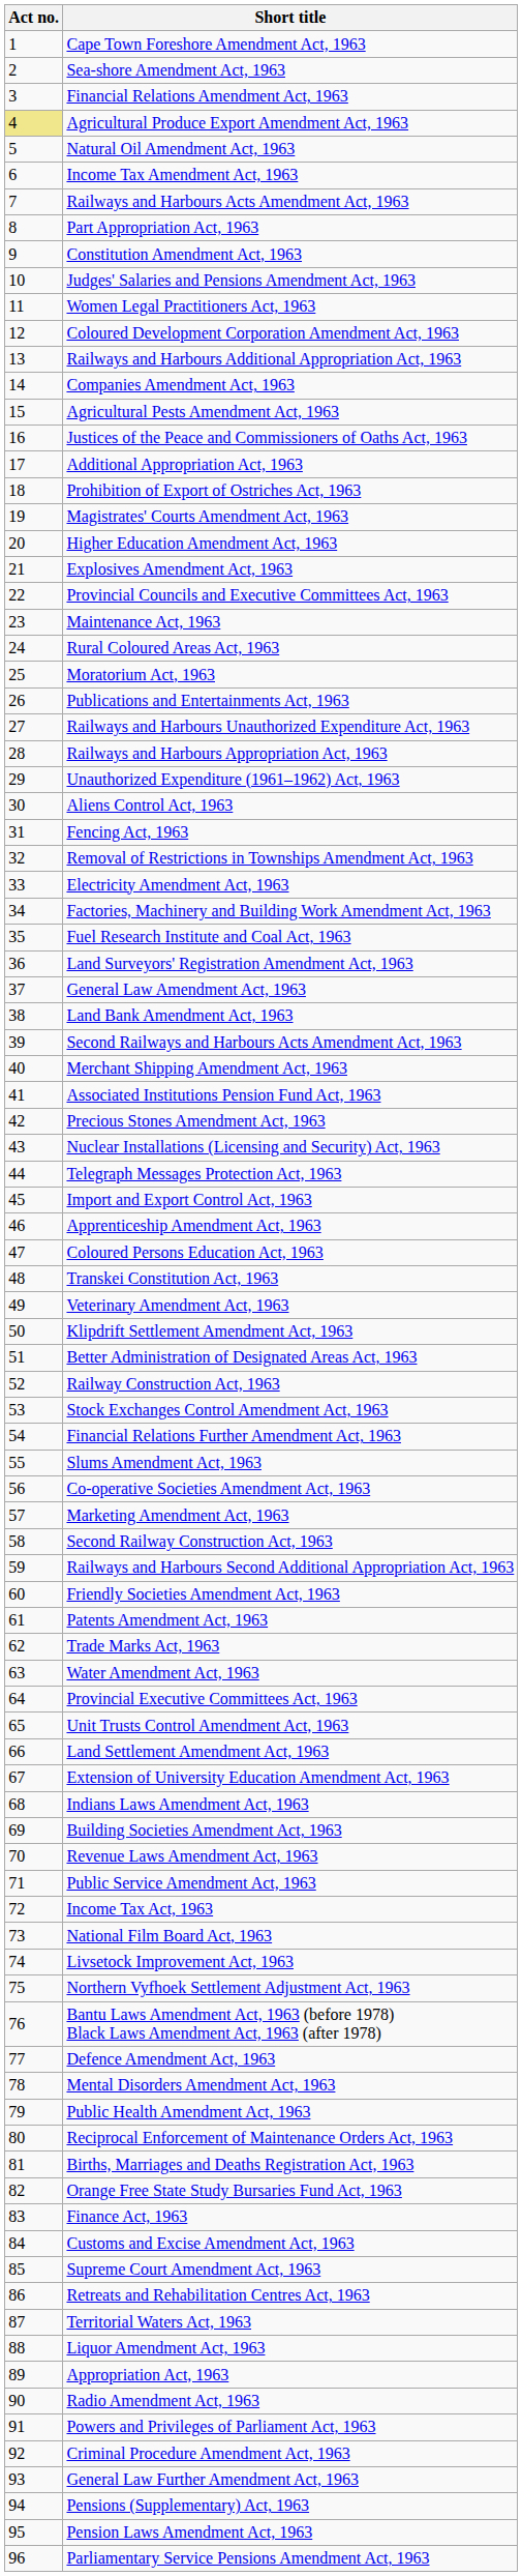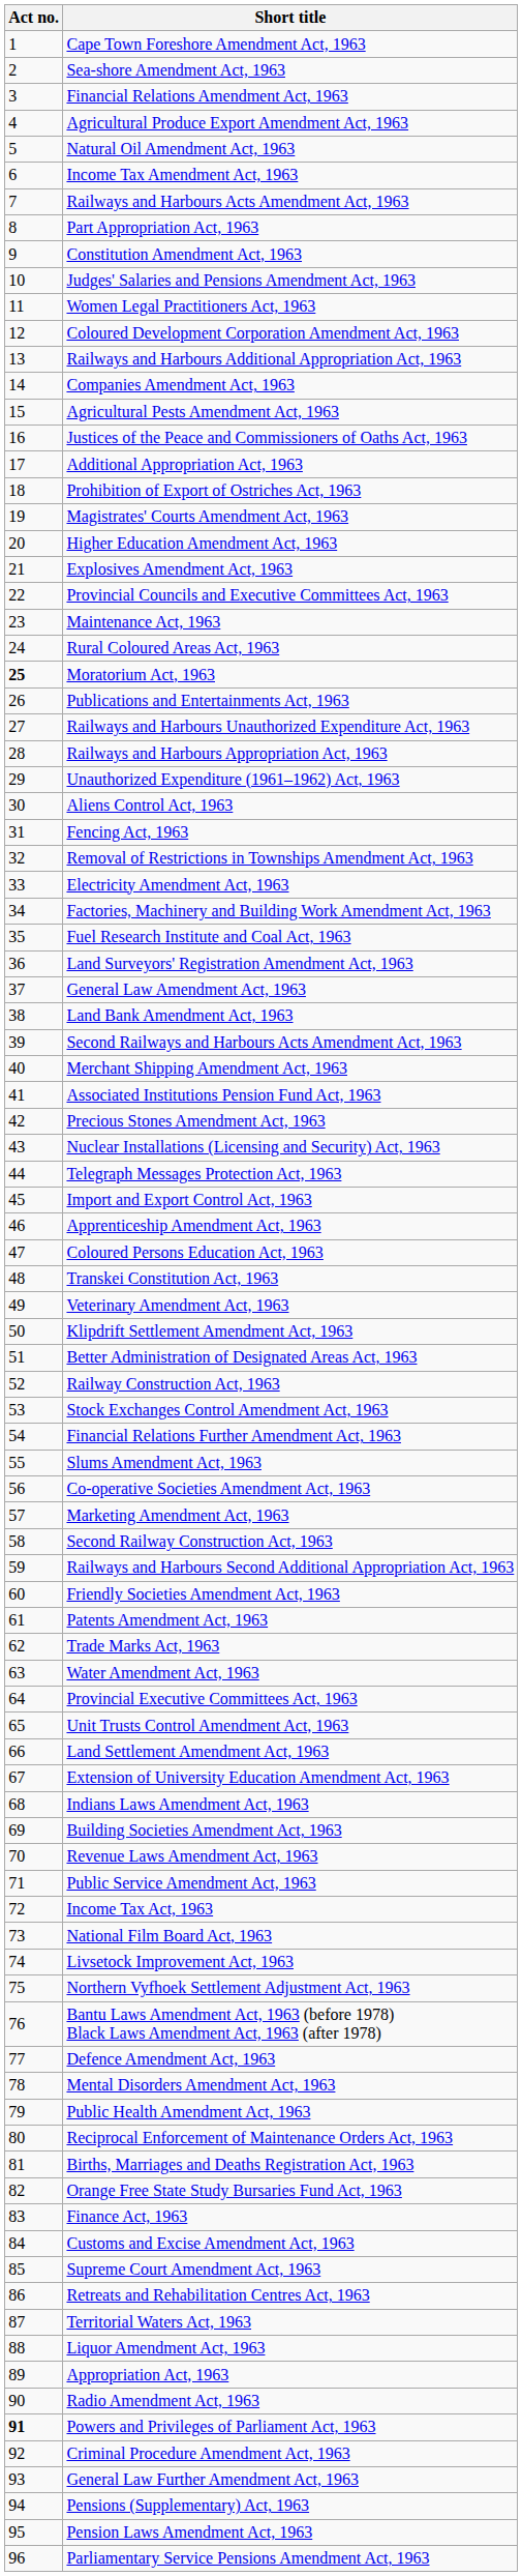 <table class="wikitable sortable">
 <tr>
 <th>Act no.</th>
 <th>Short title</th>
 </tr>
 <tr>
 <td>1</td>
 <td><a href='#'>Cape Town Foreshore Amendment Act, 1963</a></td>
 </tr>
 <tr>
 <td>2</td>
 <td><a href='#'>Sea-shore Amendment Act, 1963</a></td>
 </tr>
 <tr>
 <td>3</td>
 <td><a href='#'>Financial Relations Amendment Act, 1963</a></td>
 </tr>
 <tr>
-<td style="background: khaki;">4</td>
+<td>4</td>
 <td><a href='#'>Agricultural Produce Export Amendment Act, 1963</a></td>
 </tr>
 <tr>
 <td>5</td>
 <td><a href='#'>Natural Oil Amendment Act, 1963</a></td>
 </tr>
 <tr>
 <td>6</td>
 <td><a href='#'>Income Tax Amendment Act, 1963</a></td>
 </tr>
 <tr>
 <td>7</td>
 <td><a href='#'>Railways and Harbours Acts Amendment Act, 1963</a></td>
 </tr>
 <tr>
 <td>8</td>
 <td><a href='#'>Part Appropriation Act, 1963</a></td>
 </tr>
 <tr>
 <td>9</td>
 <td><a href='#'>Constitution Amendment Act, 1963</a></td>
 </tr>
 <tr>
 <td>10</td>
 <td><a href='#'>Judges' Salaries and Pensions Amendment Act, 1963</a></td>
 </tr>
 <tr>
 <td>11</td>
 <td><a href='#'>Women Legal Practitioners Act, 1963</a></td>
 </tr>
 <tr>
 <td>12</td>
 <td><a href='#'>Coloured Development Corporation Amendment Act, 1963</a></td>
 </tr>
 <tr>
 <td>13</td>
 <td><a href='#'>Railways and Harbours Additional Appropriation Act, 1963</a></td>
 </tr>
 <tr>
 <td>14</td>
 <td><a href='#'>Companies Amendment Act, 1963</a></td>
 </tr>
 <tr>
 <td>15</td>
 <td><a href='#'>Agricultural Pests Amendment Act, 1963</a></td>
 </tr>
 <tr>
 <td>16</td>
 <td><a href='#'>Justices of the Peace and Commissioners of Oaths Act, 1963</a></td>
 </tr>
 <tr>
 <td>17</td>
 <td><a href='#'>Additional Appropriation Act, 1963</a></td>
 </tr>
 <tr>
 <td>18</td>
 <td><a href='#'>Prohibition of Export of Ostriches Act, 1963</a></td>
 </tr>
 <tr>
 <td>19</td>
 <td><a href='#'>Magistrates' Courts Amendment Act, 1963</a></td>
 </tr>
 <tr>
 <td>20</td>
 <td><a href='#'>Higher Education Amendment Act, 1963</a></td>
 </tr>
 <tr>
 <td>21</td>
 <td><a href='#'>Explosives Amendment Act, 1963</a></td>
 </tr>
 <tr>
 <td>22</td>
 <td><a href='#'>Provincial Councils and Executive Committees Act, 1963</a></td>
 </tr>
 <tr>
 <td>23</td>
 <td><a href='#'>Maintenance Act, 1963</a></td>
 </tr>
 <tr>
 <td>24</td>
 <td><a href='#'>Rural Coloured Areas Act, 1963</a></td>
 </tr>
 <tr>
-<td>25</td>
+<td><strong>25</strong></td>
 <td><a href='#'>Moratorium Act, 1963</a></td>
 </tr>
 <tr>
 <td>26</td>
 <td><a href='#'>Publications and Entertainments Act, 1963</a></td>
 </tr>
 <tr>
 <td>27</td>
 <td><a href='#'>Railways and Harbours Unauthorized Expenditure Act, 1963</a></td>
 </tr>
 <tr>
 <td>28</td>
 <td><a href='#'>Railways and Harbours Appropriation Act, 1963</a></td>
 </tr>
 <tr>
 <td>29</td>
 <td><a href='#'>Unauthorized Expenditure (1961–1962) Act, 1963</a></td>
 </tr>
 <tr>
 <td>30</td>
 <td><a href='#'>Aliens Control Act, 1963</a></td>
 </tr>
 <tr>
 <td>31</td>
 <td><a href='#'>Fencing Act, 1963</a></td>
 </tr>
 <tr>
 <td>32</td>
 <td><a href='#'>Removal of Restrictions in Townships Amendment Act, 1963</a></td>
 </tr>
 <tr>
 <td>33</td>
 <td><a href='#'>Electricity Amendment Act, 1963</a></td>
 </tr>
 <tr>
 <td>34</td>
 <td><a href='#'>Factories, Machinery and Building Work Amendment Act, 1963</a></td>
 </tr>
 <tr>
 <td>35</td>
 <td><a href='#'>Fuel Research Institute and Coal Act, 1963</a></td>
 </tr>
 <tr>
 <td>36</td>
 <td><a href='#'>Land Surveyors' Registration Amendment Act, 1963</a></td>
 </tr>
 <tr>
 <td>37</td>
 <td><a href='#'>General Law Amendment Act, 1963</a></td>
 </tr>
 <tr>
 <td>38</td>
 <td><a href='#'>Land Bank Amendment Act, 1963</a></td>
 </tr>
 <tr>
 <td>39</td>
 <td><a href='#'>Second Railways and Harbours Acts Amendment Act, 1963</a></td>
 </tr>
 <tr>
 <td>40</td>
 <td><a href='#'>Merchant Shipping Amendment Act, 1963</a></td>
 </tr>
 <tr>
 <td>41</td>
 <td><a href='#'>Associated Institutions Pension Fund Act, 1963</a></td>
 </tr>
 <tr>
 <td>42</td>
 <td><a href='#'>Precious Stones Amendment Act, 1963</a></td>
 </tr>
 <tr>
 <td>43</td>
 <td><a href='#'>Nuclear Installations (Licensing and Security) Act, 1963</a></td>
 </tr>
 <tr>
 <td>44</td>
 <td><a href='#'>Telegraph Messages Protection Act, 1963</a></td>
 </tr>
 <tr>
 <td>45</td>
 <td><a href='#'>Import and Export Control Act, 1963</a></td>
 </tr>
 <tr>
 <td>46</td>
 <td><a href='#'>Apprenticeship Amendment Act, 1963</a></td>
 </tr>
 <tr>
 <td>47</td>
 <td><a href='#'>Coloured Persons Education Act, 1963</a></td>
 </tr>
 <tr>
 <td>48</td>
 <td><a href='#'>Transkei Constitution Act, 1963</a></td>
 </tr>
 <tr>
 <td>49</td>
 <td><a href='#'>Veterinary Amendment Act, 1963</a></td>
 </tr>
 <tr>
 <td>50</td>
 <td><a href='#'>Klipdrift Settlement Amendment Act, 1963</a></td>
 </tr>
 <tr>
 <td>51</td>
 <td><a href='#'>Better Administration of Designated Areas Act, 1963</a></td>
 </tr>
 <tr>
 <td>52</td>
 <td><a href='#'>Railway Construction Act, 1963</a></td>
 </tr>
 <tr>
 <td>53</td>
 <td><a href='#'>Stock Exchanges Control Amendment Act, 1963</a></td>
 </tr>
 <tr>
 <td>54</td>
 <td><a href='#'>Financial Relations Further Amendment Act, 1963</a></td>
 </tr>
 <tr>
 <td>55</td>
 <td><a href='#'>Slums Amendment Act, 1963</a></td>
 </tr>
 <tr>
 <td>56</td>
 <td><a href='#'>Co-operative Societies Amendment Act, 1963</a></td>
 </tr>
 <tr>
 <td>57</td>
 <td><a href='#'>Marketing Amendment Act, 1963</a></td>
 </tr>
 <tr>
 <td>58</td>
 <td><a href='#'>Second Railway Construction Act, 1963</a></td>
 </tr>
 <tr>
 <td>59</td>
 <td><a href='#'>Railways and Harbours Second Additional Appropriation Act, 1963</a></td>
 </tr>
 <tr>
 <td>60</td>
 <td><a href='#'>Friendly Societies Amendment Act, 1963</a></td>
 </tr>
 <tr>
 <td>61</td>
 <td><a href='#'>Patents Amendment Act, 1963</a></td>
 </tr>
 <tr>
 <td>62</td>
 <td><a href='#'>Trade Marks Act, 1963</a></td>
 </tr>
 <tr>
 <td>63</td>
 <td><a href='#'>Water Amendment Act, 1963</a></td>
 </tr>
 <tr>
 <td>64</td>
 <td><a href='#'>Provincial Executive Committees Act, 1963</a></td>
 </tr>
 <tr>
 <td>65</td>
 <td><a href='#'>Unit Trusts Control Amendment Act, 1963</a></td>
 </tr>
 <tr>
 <td>66</td>
 <td><a href='#'>Land Settlement Amendment Act, 1963</a></td>
 </tr>
 <tr>
 <td>67</td>
 <td><a href='#'>Extension of University Education Amendment Act, 1963</a></td>
 </tr>
 <tr>
 <td>68</td>
 <td><a href='#'>Indians Laws Amendment Act, 1963</a></td>
 </tr>
 <tr>
 <td>69</td>
 <td><a href='#'>Building Societies Amendment Act, 1963</a></td>
 </tr>
 <tr>
 <td>70</td>
 <td><a href='#'>Revenue Laws Amendment Act, 1963</a></td>
 </tr>
 <tr>
 <td>71</td>
 <td><a href='#'>Public Service Amendment Act, 1963</a></td>
 </tr>
 <tr>
 <td>72</td>
 <td><a href='#'>Income Tax Act, 1963</a></td>
 </tr>
 <tr>
 <td>73</td>
 <td><a href='#'>National Film Board Act, 1963</a></td>
 </tr>
 <tr>
 <td>74</td>
 <td><a href='#'>Livsetock Improvement Act, 1963</a></td>
 </tr>
 <tr>
 <td>75</td>
 <td><a href='#'>Northern Vyfhoek Settlement Adjustment Act, 1963</a></td>
 </tr>
 <tr>
 <td>76</td>
 <td><a href='#'>Bantu Laws Amendment Act, 1963</a> (before 1978) <br><a href='#'>Black Laws Amendment Act, 1963</a> (after 1978)</td>
 </tr>
 <tr>
 <td>77</td>
 <td><a href='#'>Defence Amendment Act, 1963</a></td>
 </tr>
 <tr>
 <td>78</td>
 <td><a href='#'>Mental Disorders Amendment Act, 1963</a></td>
 </tr>
 <tr>
 <td>79</td>
 <td><a href='#'>Public Health Amendment Act, 1963</a></td>
 </tr>
 <tr>
 <td>80</td>
 <td><a href='#'>Reciprocal Enforcement of Maintenance Orders Act, 1963</a></td>
 </tr>
 <tr>
 <td>81</td>
 <td><a href='#'>Births, Marriages and Deaths Registration Act, 1963</a></td>
 </tr>
 <tr>
 <td>82</td>
 <td><a href='#'>Orange Free State Study Bursaries Fund Act, 1963</a></td>
 </tr>
 <tr>
 <td>83</td>
 <td><a href='#'>Finance Act, 1963</a></td>
 </tr>
 <tr>
 <td>84</td>
 <td><a href='#'>Customs and Excise Amendment Act, 1963</a></td>
 </tr>
 <tr>
 <td>85</td>
 <td><a href='#'>Supreme Court Amendment Act, 1963</a></td>
 </tr>
 <tr>
 <td>86</td>
 <td><a href='#'>Retreats and Rehabilitation Centres Act, 1963</a></td>
 </tr>
 <tr>
 <td>87</td>
 <td><a href='#'>Territorial Waters Act, 1963</a></td>
 </tr>
 <tr>
 <td>88</td>
 <td><a href='#'>Liquor Amendment Act, 1963</a></td>
 </tr>
 <tr>
 <td>89</td>
 <td><a href='#'>Appropriation Act, 1963</a></td>
 </tr>
 <tr>
 <td>90</td>
 <td><a href='#'>Radio Amendment Act, 1963</a></td>
 </tr>
 <tr>
-<td>91</td>
+<td><strong>91</strong></td>
 <td><a href='#'>Powers and Privileges of Parliament Act, 1963</a></td>
 </tr>
 <tr>
 <td>92</td>
 <td><a href='#'>Criminal Procedure Amendment Act, 1963</a></td>
 </tr>
 <tr>
 <td>93</td>
 <td><a href='#'>General Law Further Amendment Act, 1963</a></td>
 </tr>
 <tr>
 <td>94</td>
 <td><a href='#'>Pensions (Supplementary) Act, 1963</a></td>
 </tr>
 <tr>
 <td>95</td>
 <td><a href='#'>Pension Laws Amendment Act, 1963</a></td>
 </tr>
 <tr>
 <td>96</td>
 <td><a href='#'>Parliamentary Service Pensions Amendment Act, 1963</a></td>
 </tr>
 </table>
